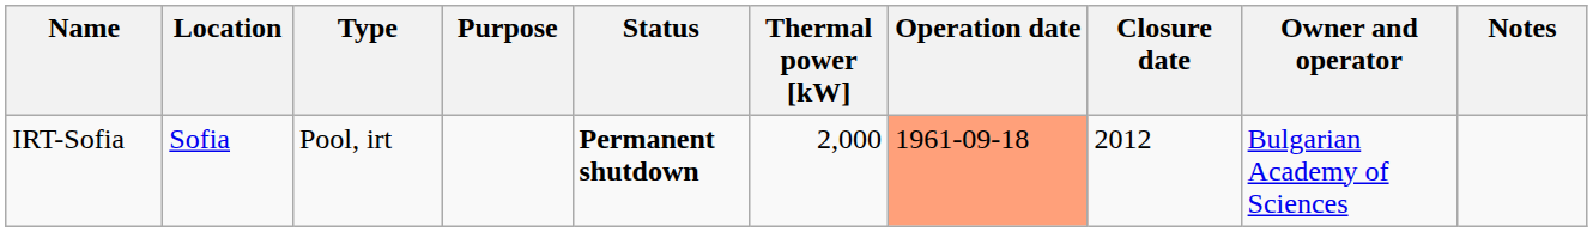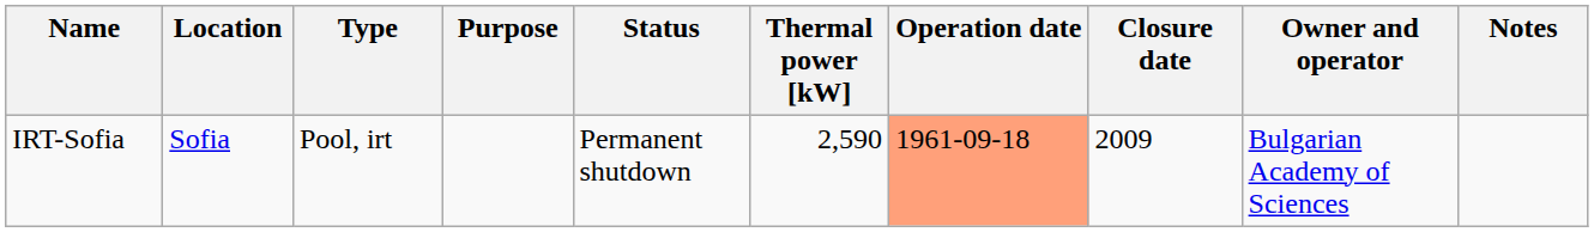 <table class="wikitable" >
 <tr valign="top">
 <th width="80">Name</th>
 <th width="65">Location</th>
 <th width="76">Type</th>
 <th width="65">Purpose</th>
 <th width="91">Status</th>
 <th width="70“">Thermal power [kW]</th>
 <th width=„67“>Operation date</th>
 <th width="78“">Closure date</th>
 <th width="113“">Owner and operator</th>
 <th width="65">Notes</th>
 </tr>
 <tr valign="top">
 <td>IRT-Sofia</td>
 <td><a href='#'>Sofia</a></td>
 <td>Pool, irt</td>
 <td></td>
-<td><strong>Permanent shutdown</strong></td>
-<td align="right">2,000</td>
+<td>Permanent shutdown</td>
+<td align="right">2,590</td>
 <td style="background: lightsalmon;">1961-09-18</td>
-<td>2012</td>
+<td>2009</td>
 <td><a href='#'>Bulgarian Academy of Sciences</a></td>
 <td> </td>
 </tr>
 </table>
